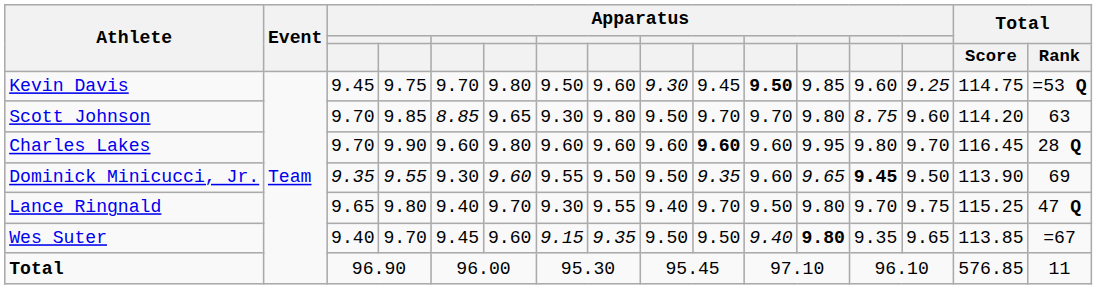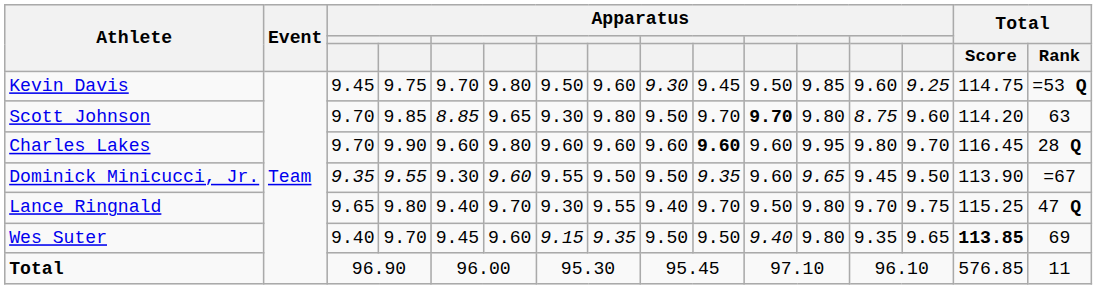 <table class=wikitable style=font-size:90%;text-align:center>
 <tr>
 <th rowspan=3>Athlete</th>
 <th rowspan=3>Event</th>
 <th colspan=12>Apparatus</th>
 <th colspan=2 rowspan=2>Total</th>
 </tr>
 <tr style=font-size:95%>
 <th colspan=2></th>
 <th colspan=2></th>
 <th colspan=2></th>
 <th colspan=2></th>
 <th colspan=2></th>
 <th colspan=2></th>
 </tr>
 <tr style=font-size:95%>
 <th></th>
 <th></th>
 <th></th>
 <th></th>
 <th></th>
 <th></th>
 <th></th>
 <th></th>
 <th></th>
 <th></th>
 <th></th>
 <th></th>
 <th>Score</th>
 <th>Rank</th>
 </tr>
 <tr>
 <td align=left><a href='#'>Kevin Davis</a></td>
 <td align=left rowspan=7><a href='#'>Team</a></td>
 <td>9.45</td>
 <td>9.75</td>
 <td>9.70</td>
 <td>9.80</td>
 <td>9.50</td>
 <td>9.60</td>
 <td><em>9.30</em></td>
 <td>9.45</td>
-<td><strong>9.50</strong></td>
+<td>9.50</td>
 <td>9.85</td>
 <td>9.60</td>
 <td><em>9.25</em></td>
 <td>114.75</td>
 <td>=53 <strong>Q</strong></td>
 </tr>
 <tr>
 <td align=left><a href='#'>Scott Johnson</a></td>
 <td>9.70</td>
 <td>9.85</td>
 <td><em>8.85</em></td>
 <td>9.65</td>
 <td>9.30</td>
 <td>9.80</td>
 <td>9.50</td>
 <td>9.70</td>
-<td>9.70</td>
+<td><strong>9.70</strong></td>
 <td>9.80</td>
 <td><em>8.75</em></td>
 <td>9.60</td>
 <td>114.20</td>
 <td>63</td>
 </tr>
 <tr>
 <td align=left><a href='#'>Charles Lakes</a></td>
 <td>9.70</td>
 <td>9.90</td>
 <td>9.60</td>
 <td>9.80</td>
 <td>9.60</td>
 <td>9.60</td>
 <td>9.60</td>
 <td><strong>9.60</strong></td>
 <td>9.60</td>
 <td>9.95</td>
 <td>9.80</td>
 <td>9.70</td>
 <td>116.45</td>
 <td>28 <strong>Q</strong></td>
 </tr>
 <tr>
 <td align=left><a href='#'>Dominick Minicucci, Jr.</a></td>
 <td><em>9.35</em></td>
 <td><em>9.55</em></td>
 <td>9.30</td>
 <td><em>9.60</em></td>
 <td>9.55</td>
 <td>9.50</td>
 <td>9.50</td>
 <td><em>9.35</em></td>
 <td>9.60</td>
 <td><em>9.65</em></td>
-<td><strong>9.45</strong></td>
+<td>9.45</td>
 <td>9.50</td>
 <td>113.90</td>
-<td>69</td>
+<td>=67</td>
 </tr>
 <tr>
 <td align=left><a href='#'>Lance Ringnald</a></td>
 <td>9.65</td>
 <td>9.80</td>
 <td>9.40</td>
 <td>9.70</td>
 <td>9.30</td>
 <td>9.55</td>
 <td>9.40</td>
 <td>9.70</td>
 <td>9.50</td>
 <td>9.80</td>
 <td>9.70</td>
 <td>9.75</td>
 <td>115.25</td>
 <td>47 <strong>Q</strong></td>
 </tr>
 <tr>
 <td align=left><a href='#'>Wes Suter</a></td>
 <td>9.40</td>
 <td>9.70</td>
 <td>9.45</td>
 <td>9.60</td>
 <td><em>9.15</em></td>
 <td><em>9.35</em></td>
 <td>9.50</td>
 <td>9.50</td>
 <td><em>9.40</em></td>
-<td><strong>9.80</strong></td>
+<td>9.80</td>
 <td>9.35</td>
 <td>9.65</td>
-<td>113.85</td>
-<td>=67</td>
+<td><strong>113.85</strong></td>
+<td>69</td>
 </tr>
 <tr>
 <td align=left><strong>Total</strong></td>
 <td colspan=2>96.90</td>
 <td colspan=2>96.00</td>
 <td colspan=2>95.30</td>
 <td colspan=2>95.45</td>
 <td colspan=2>97.10</td>
 <td colspan=2>96.10</td>
 <td>576.85</td>
 <td>11</td>
 </tr>
 </table>
